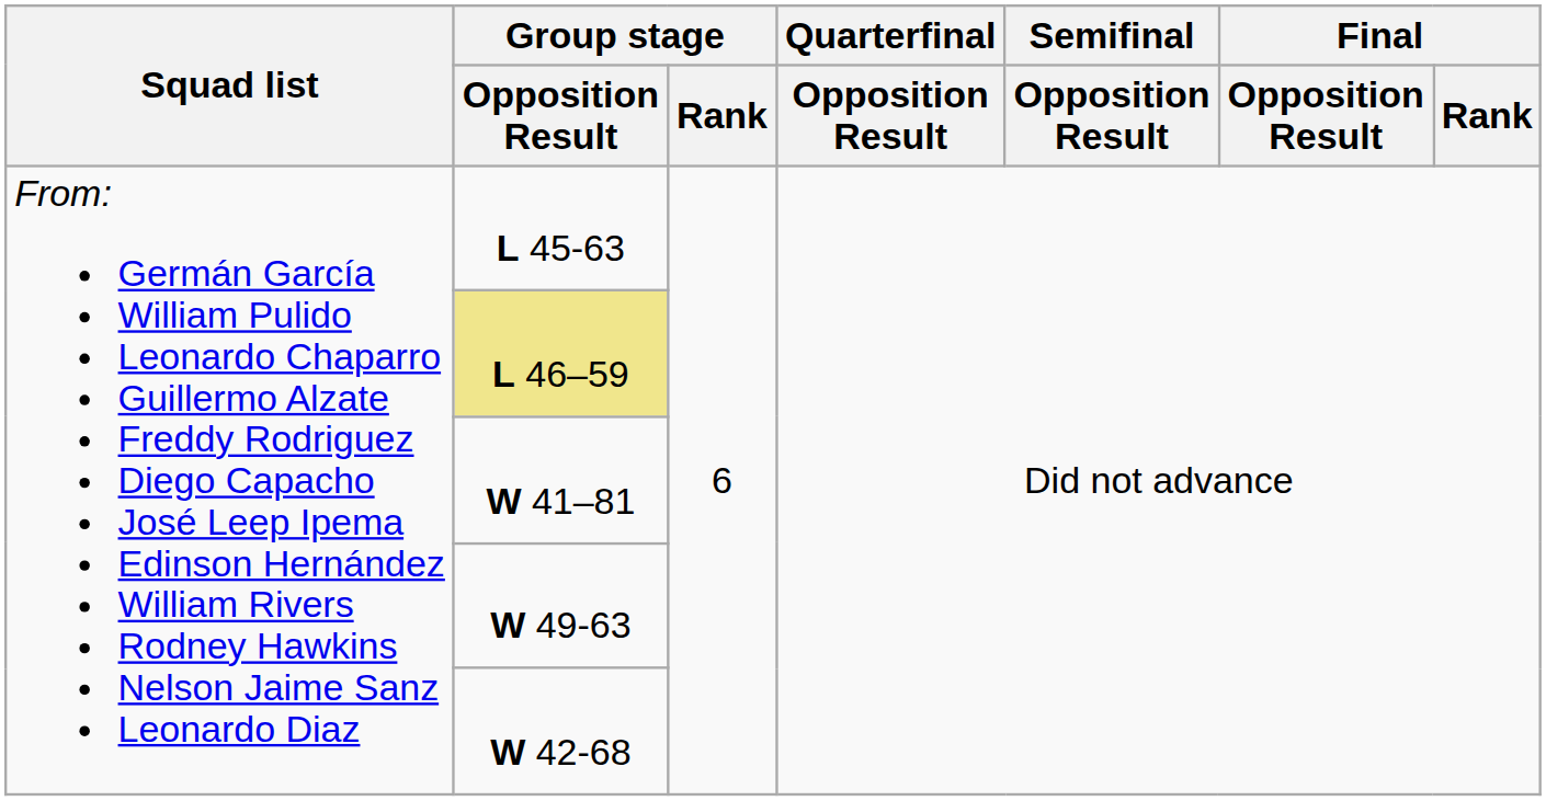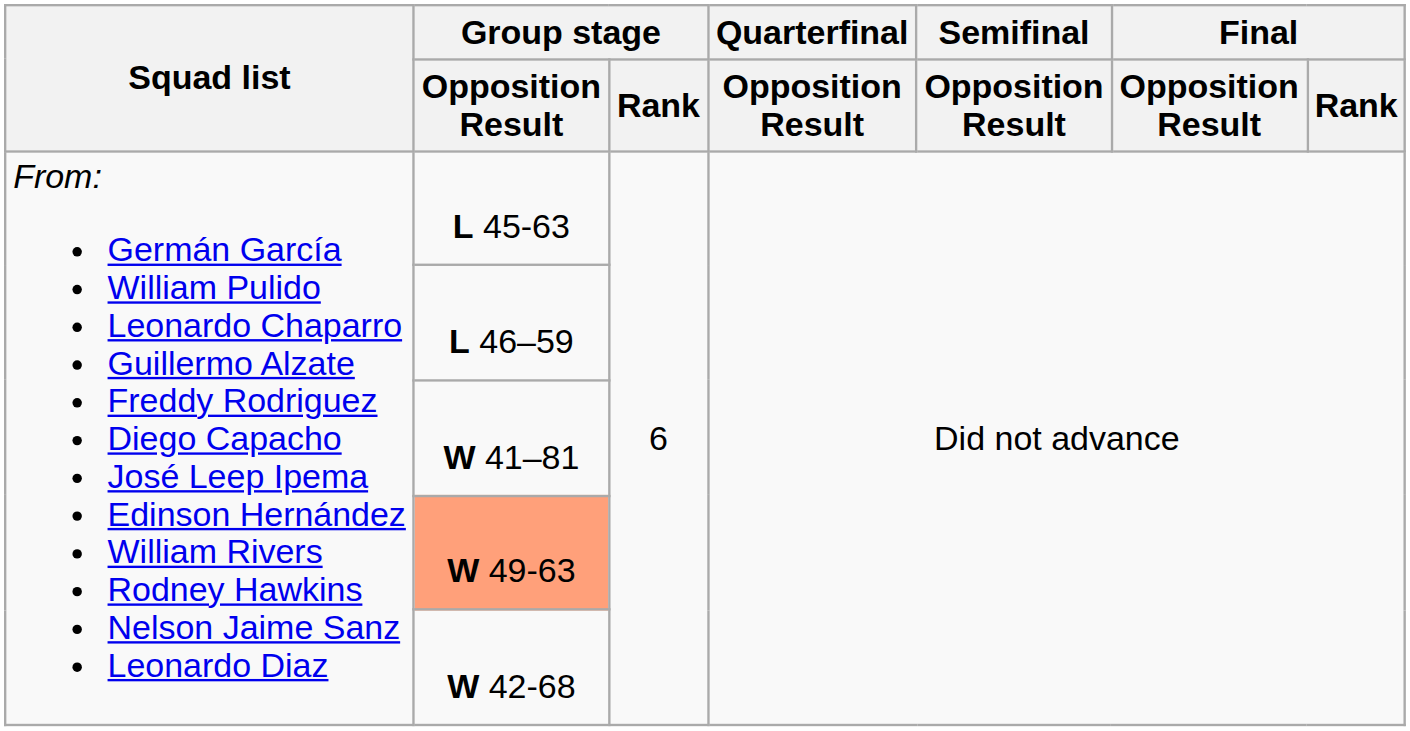 <table class=wikitable style="font-size:90%">
 <tr>
 <th rowspan="2">Squad list</th>
 <th colspan="2">Group stage</th>
 <th>Quarterfinal</th>
 <th>Semifinal</th>
 <th colspan="2">Final</th>
 </tr>
 <tr>
 <th>Opposition<br>Result</th>
 <th>Rank</th>
 <th>Opposition<br>Result</th>
 <th>Opposition<br>Result</th>
 <th>Opposition<br>Result</th>
 <th>Rank</th>
 </tr>
 <tr>
 <td rowspan="5"><em>From:</em><br><ul><li><a href='#'>Germán García</a></li><li><a href='#'>William Pulido</a></li><li><a href='#'>Leonardo Chaparro</a></li><li><a href='#'>Guillermo Alzate</a></li><li><a href='#'>Freddy Rodriguez</a></li><li><a href='#'>Diego Capacho</a></li><li><a href='#'>José Leep Ipema</a></li><li><a href='#'>Edinson Hernández</a></li><li><a href='#'>William Rivers</a></li><li><a href='#'>Rodney Hawkins</a></li><li><a href='#'>Nelson Jaime Sanz</a></li><li><a href='#'>Leonardo Diaz</a></li></ul></td>
 <td align="center"><br><strong>L</strong> 45-63</td>
 <td align="center" rowspan="5">6</td>
 <td style="text-align:center;" rowspan="5" colspan="4">Did not advance</td>
 </tr>
 <tr>
-<td align="center" style="background: khaki;"><br><strong>L</strong> 46–59</td>
+<td align="center"><br><strong>L</strong> 46–59</td>
 </tr>
 <tr>
 <td align="center"><br><strong>W</strong> 41–81</td>
 </tr>
 <tr>
-<td align="center"><br><strong>W</strong> 49-63</td>
+<td align="center" style="background: lightsalmon;"><br><strong>W</strong> 49-63</td>
 </tr>
 <tr>
 <td align="center"><br><strong>W</strong> 42-68</td>
 </tr>
 </table>
